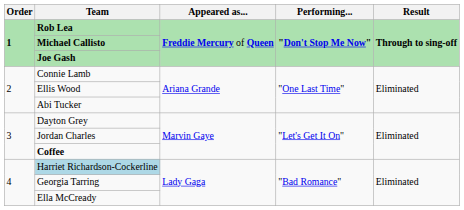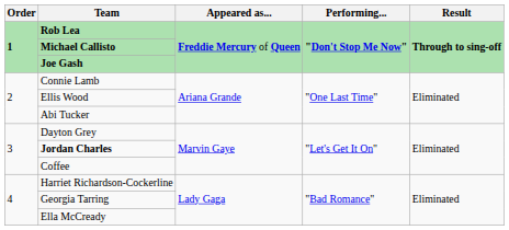 <table class="wikitable">
 <tr>
 <th>Order</th>
 <th>Team</th>
 <th>Appeared as...</th>
 <th>Performing...</th>
 <th>Result</th>
 </tr>
 <tr style="background:#ACE1AF;">
 <td rowspan="3"><strong>1</strong></td>
 <td style="background:#ACE1AF;"><strong>Rob Lea</strong></td>
 <td rowspan="3"><strong><a href='#'>Freddie Mercury</a></strong> of <strong><a href='#'>Queen</a></strong></td>
 <td rowspan="3"><strong>"<a href='#'>Don't Stop Me Now</a>"</strong></td>
 <td rowspan="3"><strong>Through to sing-off</strong></td>
 </tr>
 <tr>
 <td style="background:#ACE1AF;"><strong>Michael Callisto</strong></td>
 </tr>
 <tr>
 <td style="background:#ACE1AF;"><strong>Joe Gash</strong></td>
 </tr>
 <tr>
 <td rowspan="3">2</td>
 <td>Connie Lamb</td>
 <td rowspan="3"><a href='#'>Ariana Grande</a></td>
 <td rowspan="3">"<a href='#'>One Last Time</a>"</td>
 <td rowspan="3">Eliminated</td>
 </tr>
 <tr>
 <td>Ellis Wood</td>
 </tr>
 <tr>
 <td>Abi Tucker</td>
 </tr>
 <tr>
 <td rowspan="3">3</td>
 <td>Dayton Grey</td>
 <td rowspan="3"><a href='#'>Marvin Gaye</a></td>
 <td rowspan="3">"<a href='#'>Let's Get It On</a>"</td>
 <td rowspan="3">Eliminated</td>
 </tr>
 <tr>
-<td>Jordan Charles</td>
+<td><strong>Jordan Charles</strong></td>
 </tr>
 <tr>
-<td><strong>Coffee</strong></td>
+<td>Coffee</td>
 </tr>
 <tr>
 <td rowspan="3">4</td>
-<td style="background: lightblue;">Harriet Richardson-Cockerline</td>
+<td>Harriet Richardson-Cockerline</td>
 <td rowspan="3"><a href='#'>Lady Gaga</a></td>
 <td rowspan="3">"<a href='#'>Bad Romance</a>"</td>
 <td rowspan="3">Eliminated</td>
 </tr>
 <tr>
 <td>Georgia Tarring</td>
 </tr>
 <tr>
 <td>Ella McCready</td>
 </tr>
 </table>
